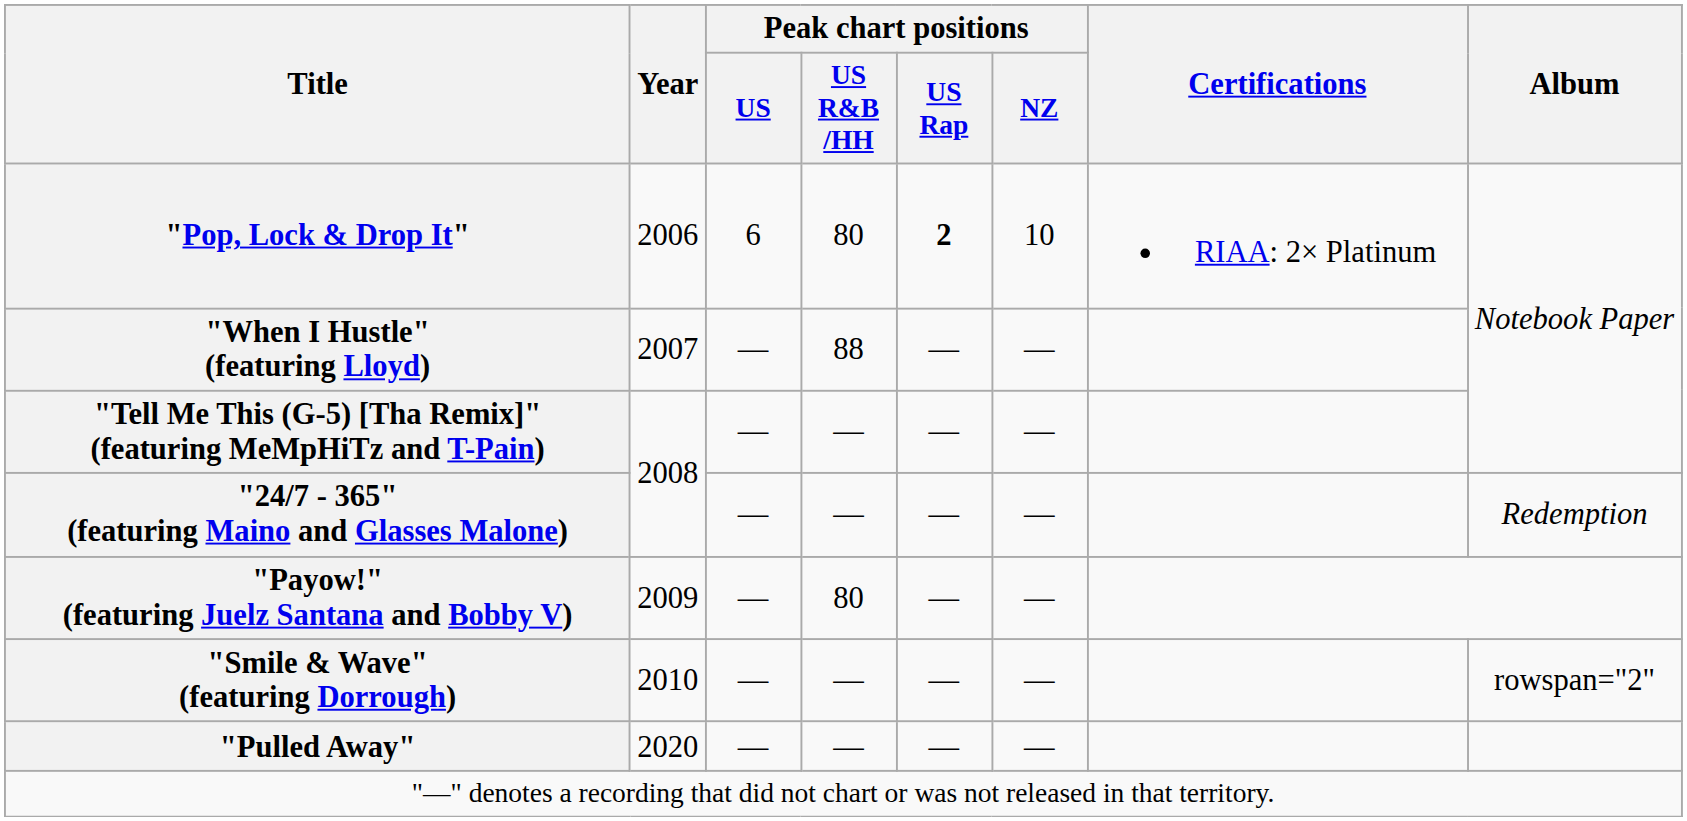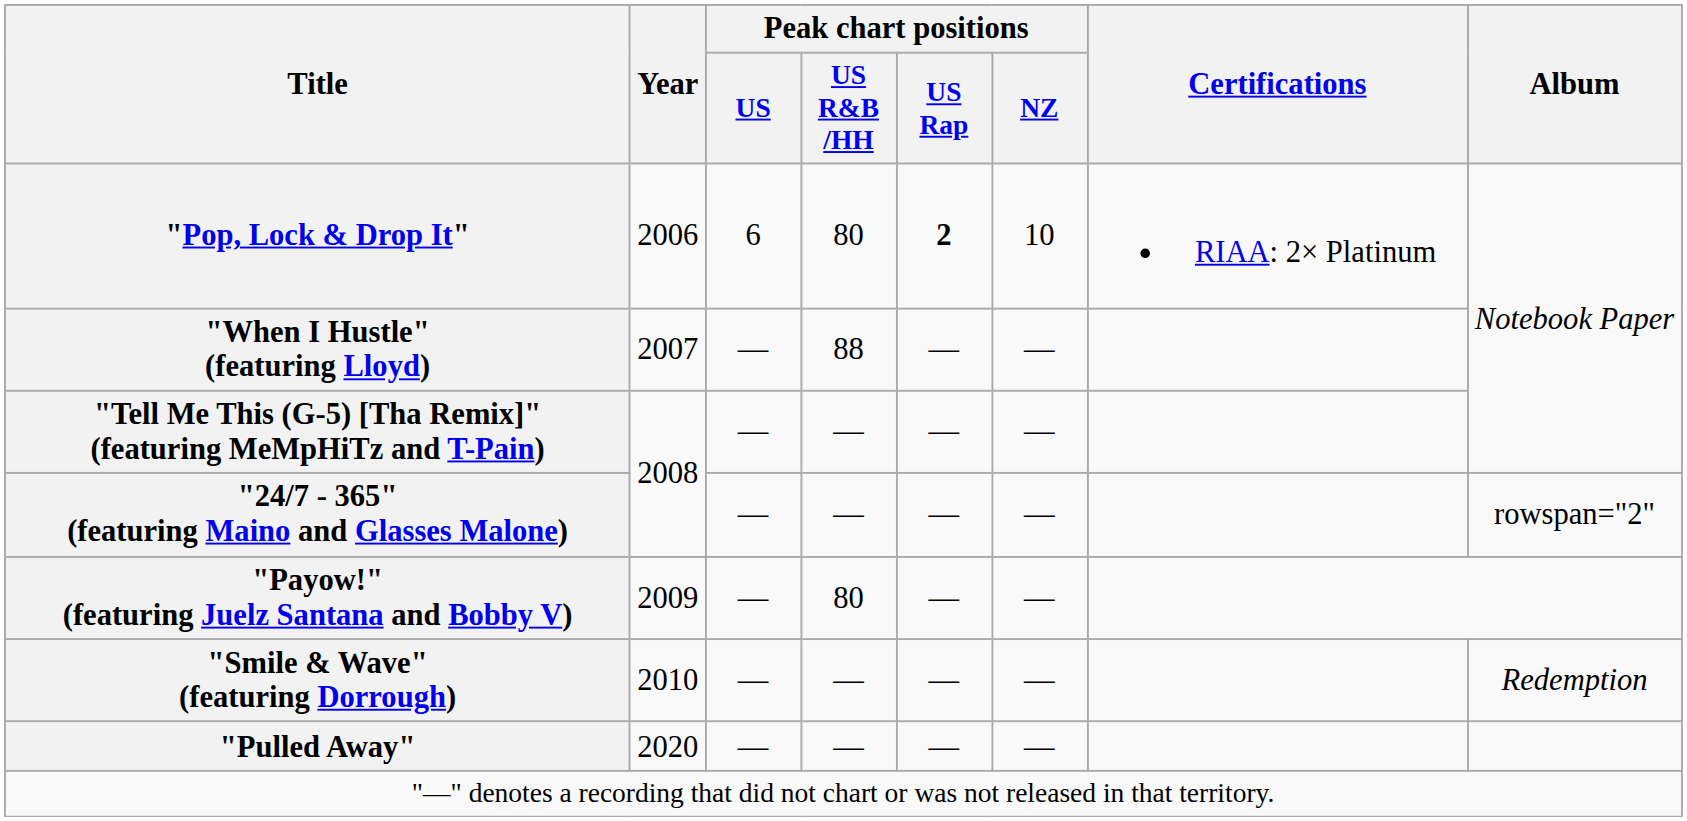 <table class="wikitable plainrowheaders" style="text-align:center;">
 <tr>
 <th scope="col" rowspan="2" style="width:20em;">Title</th>
 <th scope="col" rowspan="2">Year</th>
 <th scope="col" colspan="4">Peak chart positions</th>
 <th scope="col" rowspan="2" style="width:12em;"><a href='#'>Certifications</a></th>
 <th scope="col" rowspan="2">Album</th>
 </tr>
 <tr>
 <th style="width:3em;font-size:90%;"><a href='#'>US</a><br></th>
 <th style="width:3em;font-size:90%;"><a href='#'>US<br>R&B<br>/HH</a><br></th>
 <th style="width:3em;font-size:90%;"><a href='#'>US<br>Rap</a><br></th>
 <th style="width:3em;font-size:90%;"><a href='#'>NZ</a><br></th>
 </tr>
 <tr>
 <th scope="row">"<a href='#'>Pop, Lock & Drop It</a>"</th>
 <td>2006</td>
 <td>6</td>
 <td>80</td>
 <td><strong>2</strong></td>
 <td>10</td>
 <td><br><ul><li><a href='#'>RIAA</a>: 2× Platinum</li></ul></td>
 <td rowspan="3"><em>Notebook Paper</em></td>
 </tr>
 <tr>
 <th scope="row">"When I Hustle"<br><span>(featuring <a href='#'>Lloyd</a>)</span></th>
 <td>2007</td>
 <td>—</td>
 <td>88</td>
 <td>—</td>
 <td>—</td>
 <td></td>
 </tr>
 <tr>
 <th scope="row">"Tell Me This (G-5) [Tha Remix]"<br><span>(featuring MeMpHiTz and <a href='#'>T-Pain</a>)</span></th>
 <td rowspan="2">2008</td>
 <td>—</td>
 <td>—</td>
 <td>—</td>
 <td>—</td>
 <td></td>
 </tr>
 <tr>
 <th scope="row">"24/7 - 365" <br><span>(featuring <a href='#'>Maino</a> and <a href='#'>Glasses Malone</a>)</span></th>
 <td>—</td>
 <td>—</td>
 <td>—</td>
 <td>—</td>
 <td></td>
-<td><em>Redemption</em></td>
+<td>rowspan="2" </td>
 </tr>
 <tr>
 <th scope="row">"Payow!"<br><span>(featuring <a href='#'>Juelz Santana</a> and <a href='#'>Bobby V</a>)</span></th>
 <td>2009</td>
 <td>—</td>
 <td>80</td>
 <td>—</td>
 <td>—</td>
 </tr>
 <tr>
 <th scope="row">"Smile & Wave"<br><span>(featuring <a href='#'>Dorrough</a>)</span></th>
 <td>2010</td>
 <td>—</td>
 <td>—</td>
 <td>—</td>
 <td>—</td>
 <td></td>
-<td>rowspan="2" </td>
+<td><em>Redemption</em></td>
 </tr>
 <tr>
 <th scope="row">"Pulled Away"</th>
 <td>2020</td>
 <td>—</td>
 <td>—</td>
 <td>—</td>
 <td>—</td>
 <td></td>
 <td></td>
 </tr>
 <tr>
 <td colspan="14" style="font-size:90%">"—" denotes a recording that did not chart or was not released in that territory.</td>
 </tr>
 </table>
